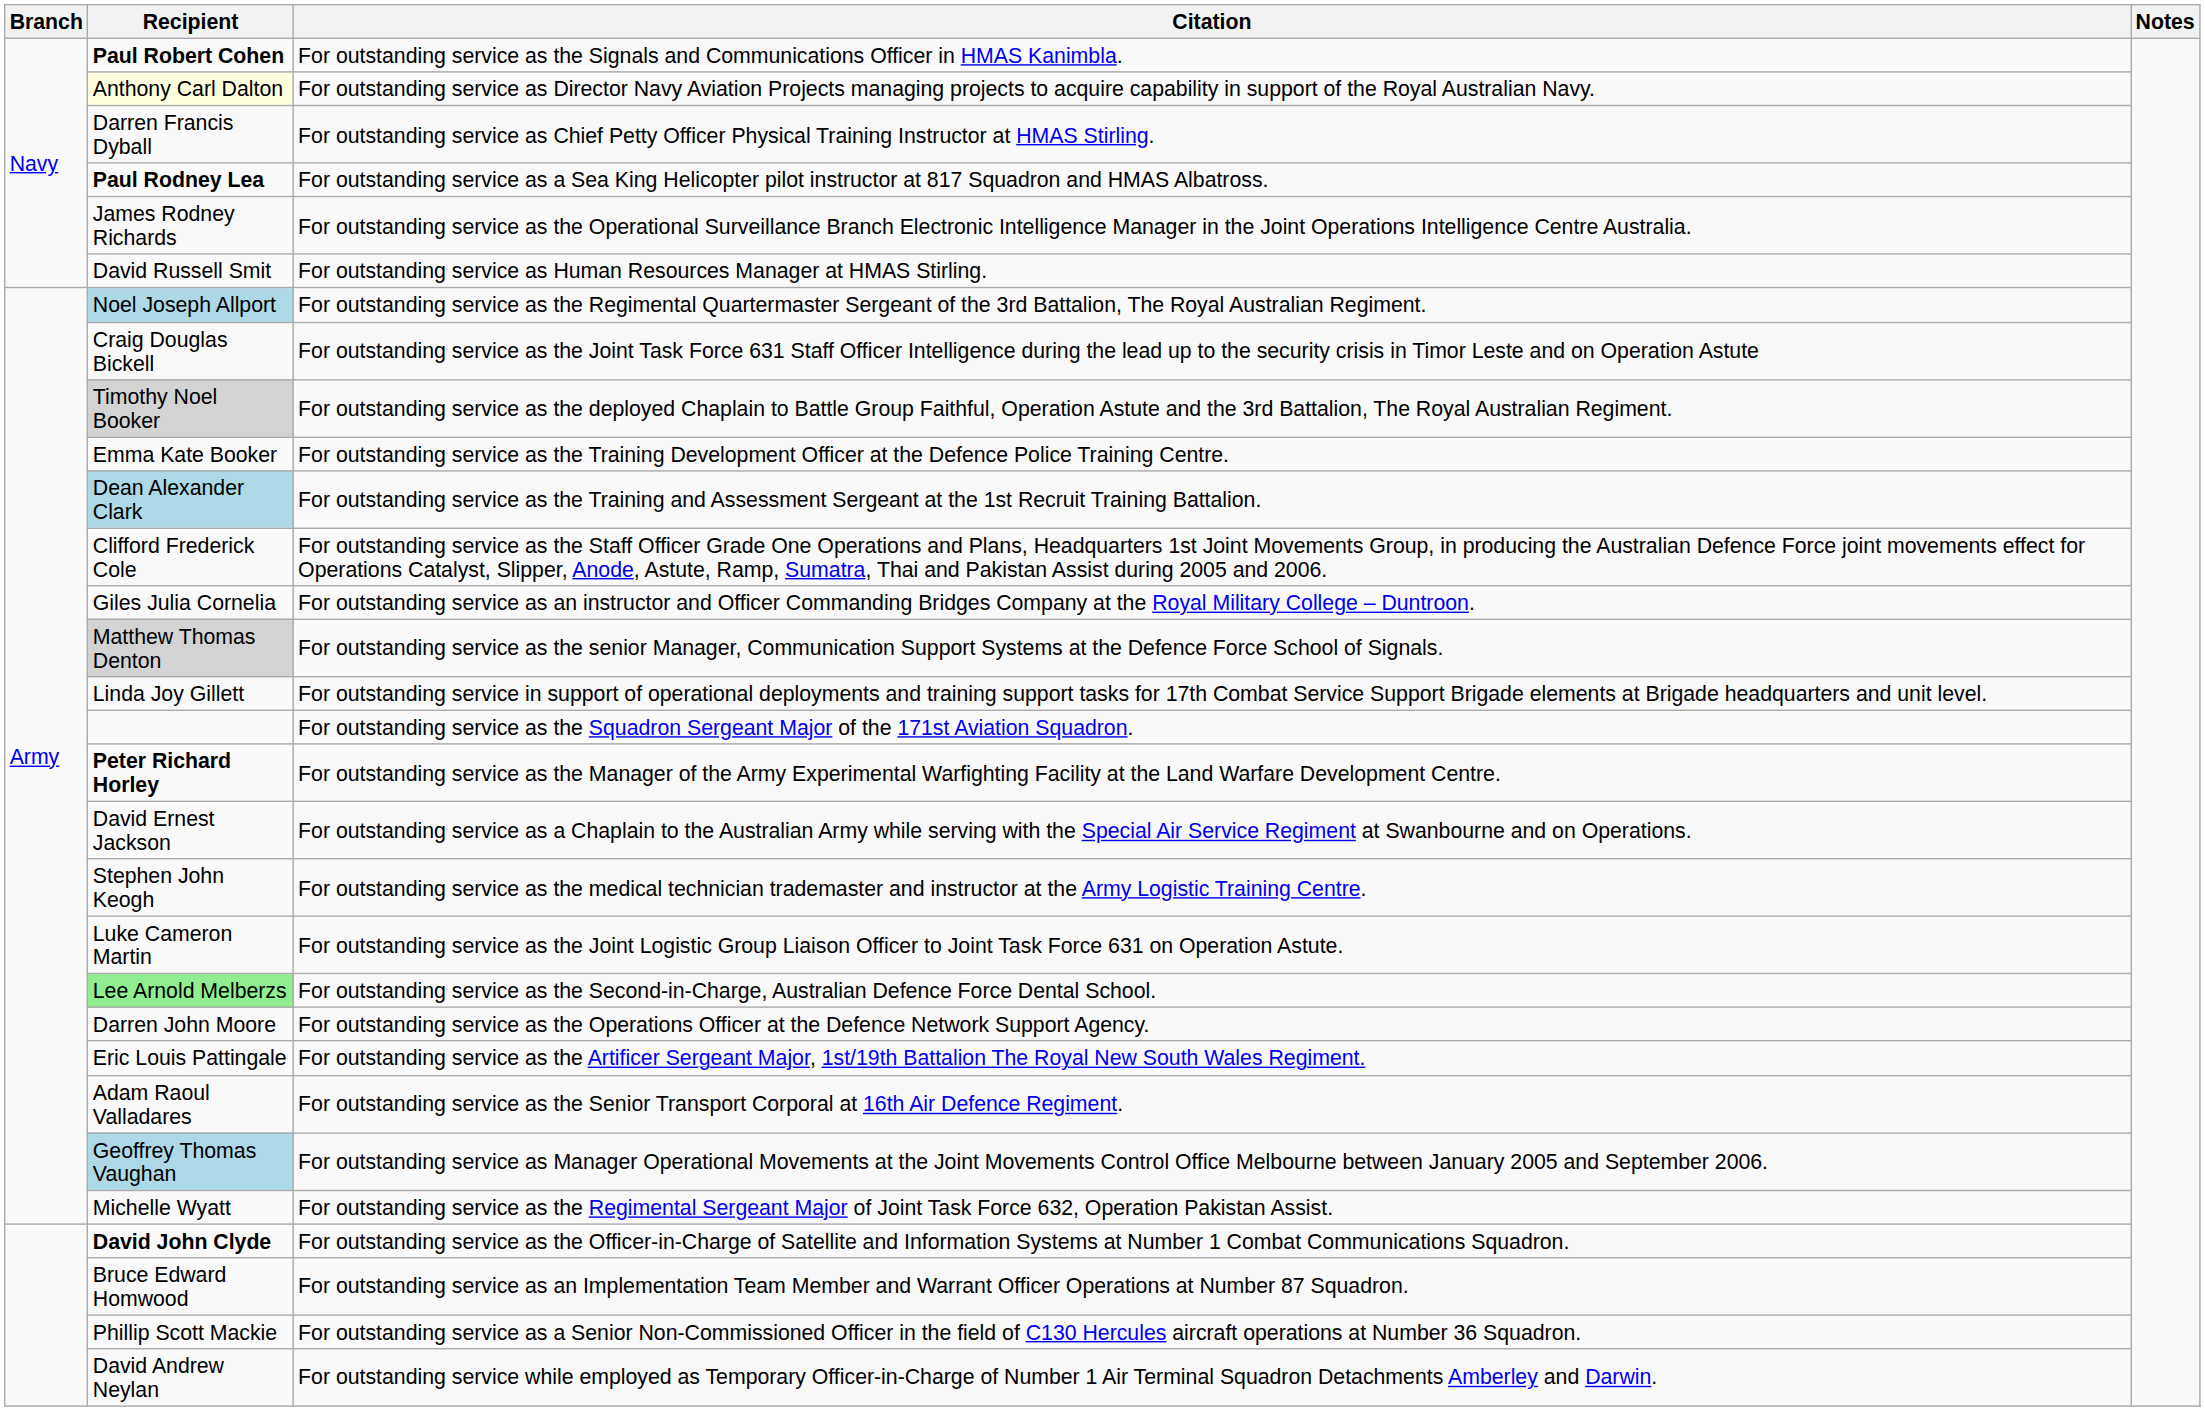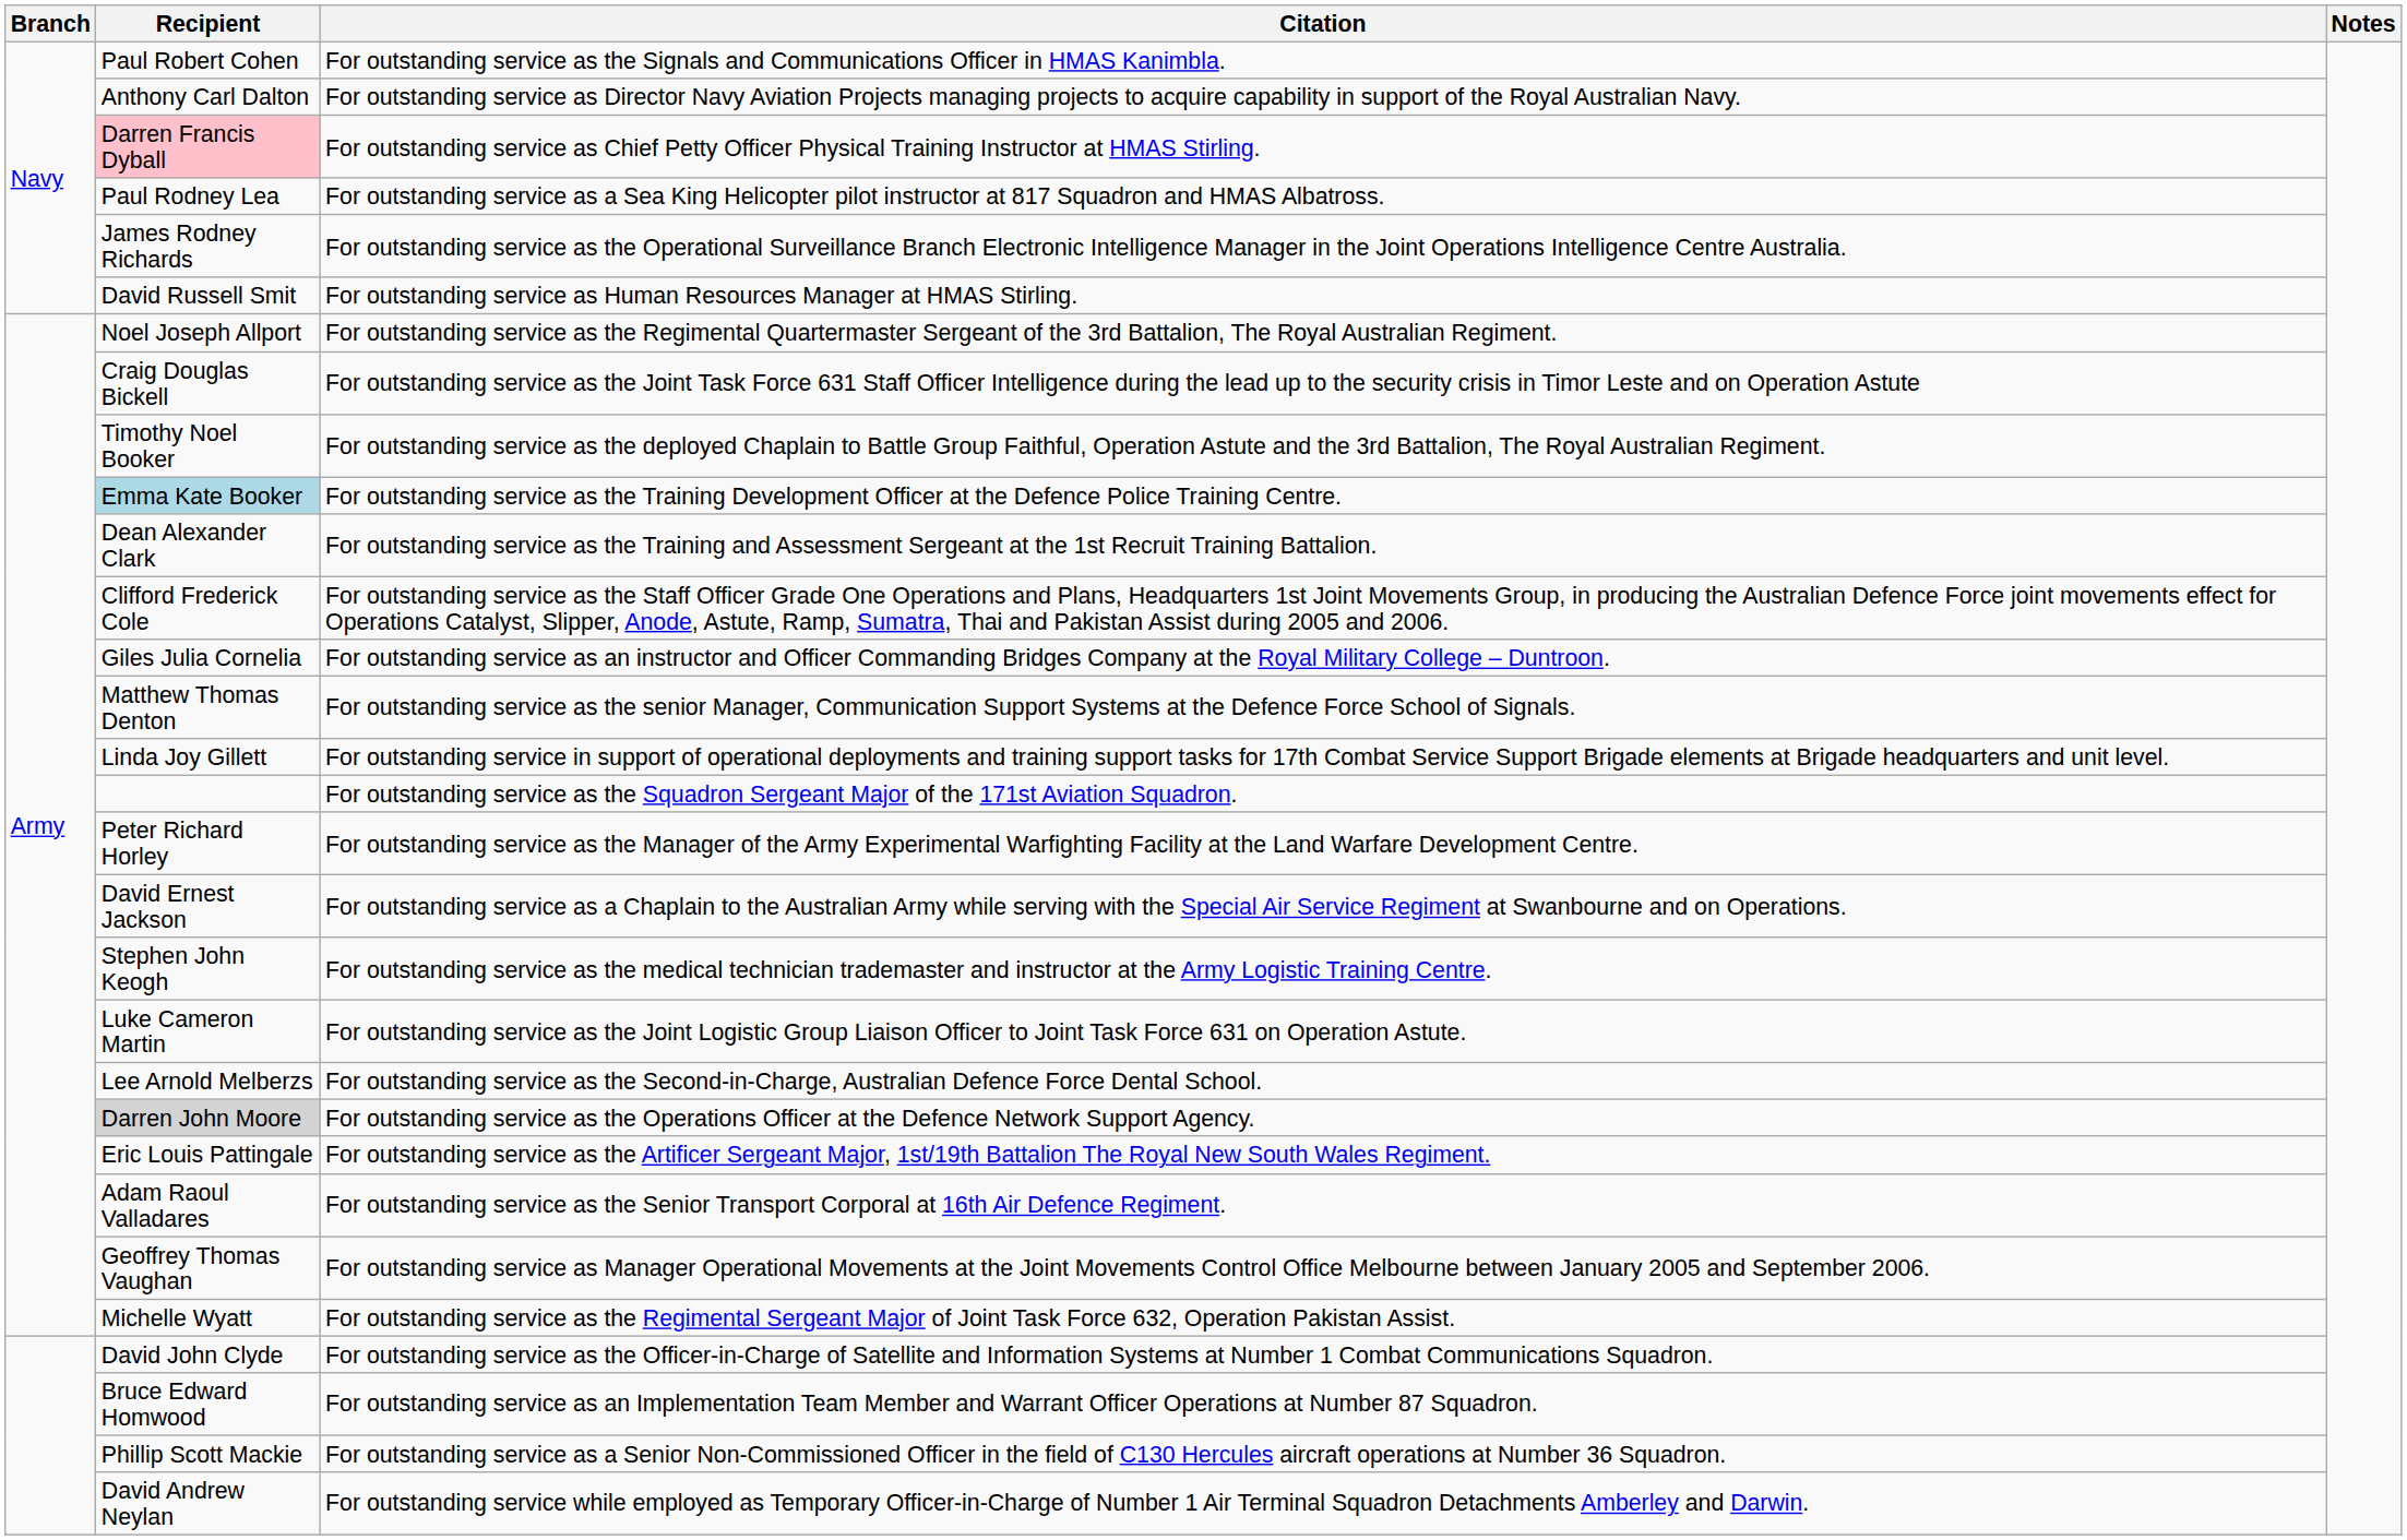 <table class="wikitable" style="font-size:95%;">
 <tr>
 <th>Branch</th>
 <th>Recipient</th>
 <th>Citation</th>
 <th>Notes</th>
 </tr>
 <tr>
 <td rowspan=6><a href='#'>Navy</a></td>
-<td><strong> Paul Robert Cohen</strong></td>
+<td> Paul Robert Cohen</td>
 <td>For outstanding service as the Signals and Communications Officer in <a href='#'>HMAS Kanimbla</a>.</td>
 <td rowspan=30></td>
 </tr>
 <tr>
-<td style="background: lightyellow;"> Anthony Carl Dalton</td>
+<td> Anthony Carl Dalton</td>
 <td>For outstanding service as Director Navy Aviation Projects managing projects to acquire capability in support of the Royal Australian Navy.</td>
 </tr>
 <tr>
-<td> Darren Francis Dyball</td>
+<td style="background: pink;"> Darren Francis Dyball</td>
 <td>For outstanding service as Chief Petty Officer Physical Training Instructor at <a href='#'>HMAS Stirling</a>.</td>
 </tr>
 <tr>
-<td><strong> Paul Rodney Lea</strong></td>
+<td> Paul Rodney Lea</td>
 <td>For outstanding service as a Sea King Helicopter pilot instructor at 817 Squadron and HMAS Albatross.</td>
 </tr>
 <tr>
 <td> James Rodney Richards</td>
 <td>For outstanding service as the Operational Surveillance Branch Electronic Intelligence Manager in the Joint Operations Intelligence Centre Australia.</td>
 </tr>
 <tr>
 <td> David Russell Smit</td>
 <td>For outstanding service as Human Resources Manager at HMAS Stirling.</td>
 </tr>
 <tr>
 <td rowspan=20><a href='#'>Army</a></td>
-<td style="background: lightblue;"> Noel Joseph Allport</td>
+<td> Noel Joseph Allport</td>
 <td>For outstanding service as the Regimental Quartermaster Sergeant of the 3rd Battalion, The Royal Australian Regiment.</td>
 </tr>
 <tr>
 <td> Craig Douglas Bickell</td>
 <td>For outstanding service as the Joint Task Force 631 Staff Officer Intelligence during the lead up to the security crisis in Timor Leste and on Operation Astute</td>
 </tr>
 <tr>
-<td style="background: lightgrey;"> Timothy Noel Booker</td>
+<td> Timothy Noel Booker</td>
 <td>For outstanding service as the deployed Chaplain to Battle Group Faithful, Operation Astute and the 3rd Battalion, The Royal Australian Regiment.</td>
 </tr>
 <tr>
-<td> Emma Kate Booker</td>
+<td style="background: lightblue;"> Emma Kate Booker</td>
 <td>For outstanding service as the Training Development Officer at the Defence Police Training Centre.</td>
 </tr>
 <tr>
-<td style="background: lightblue;"> Dean Alexander Clark</td>
+<td> Dean Alexander Clark</td>
 <td>For outstanding service as the Training and Assessment Sergeant at the 1st Recruit Training Battalion.</td>
 </tr>
 <tr>
 <td> Clifford Frederick Cole</td>
 <td>For outstanding service as the Staff Officer Grade One Operations and Plans, Headquarters 1st Joint Movements Group, in producing the Australian Defence Force joint movements effect for Operations Catalyst, Slipper, <a href='#'>Anode</a>, Astute, Ramp, <a href='#'>Sumatra</a>, Thai and Pakistan Assist during 2005 and 2006.</td>
 </tr>
 <tr>
 <td> Giles Julia Cornelia</td>
 <td>For outstanding service as an instructor and Officer Commanding Bridges Company at the <a href='#'>Royal Military College – Duntroon</a>.</td>
 </tr>
 <tr>
-<td style="background: lightgrey;"> Matthew Thomas Denton</td>
+<td> Matthew Thomas Denton</td>
 <td>For outstanding service as the senior Manager, Communication Support Systems at the Defence Force School of Signals.</td>
 </tr>
 <tr>
 <td> Linda Joy Gillett</td>
 <td>For outstanding service in support of operational deployments and training support tasks for 17th Combat Service Support Brigade elements at Brigade headquarters and unit level.</td>
 </tr>
 <tr>
 <td></td>
 <td>For outstanding service as the <a href='#'>Squadron Sergeant Major</a> of the <a href='#'>171st Aviation Squadron</a>.</td>
 </tr>
 <tr>
-<td><strong> Peter Richard Horley</strong></td>
+<td> Peter Richard Horley</td>
 <td>For outstanding service as the Manager of the Army Experimental Warfighting Facility at the Land Warfare Development Centre.</td>
 </tr>
 <tr>
 <td> David Ernest Jackson</td>
 <td>For outstanding service as a Chaplain to the Australian Army while serving with the <a href='#'>Special Air Service Regiment</a> at Swanbourne and on Operations.</td>
 </tr>
 <tr>
 <td> Stephen John Keogh</td>
 <td>For outstanding service as the medical technician trademaster and instructor at the <a href='#'>Army Logistic Training Centre</a>.</td>
 </tr>
 <tr>
 <td> Luke Cameron Martin</td>
 <td>For outstanding service as the Joint Logistic Group Liaison Officer to Joint Task Force 631 on Operation Astute.</td>
 </tr>
 <tr>
-<td style="background: lightgreen;"> Lee Arnold Melberzs</td>
+<td> Lee Arnold Melberzs</td>
 <td>For outstanding service as the Second-in-Charge, Australian Defence Force Dental School.</td>
 </tr>
 <tr>
-<td> Darren John Moore</td>
+<td style="background: lightgrey;"> Darren John Moore</td>
 <td>For outstanding service as the Operations Officer at the Defence Network Support Agency.</td>
 </tr>
 <tr>
 <td> Eric Louis Pattingale</td>
 <td>For outstanding service as the <a href='#'>Artificer Sergeant Major</a>, <a href='#'>1st/19th Battalion The Royal New South Wales Regiment.</a></td>
 </tr>
 <tr>
 <td> Adam Raoul Valladares</td>
 <td>For outstanding service as the Senior Transport Corporal at <a href='#'>16th Air Defence Regiment</a>.</td>
 </tr>
 <tr>
-<td style="background: lightblue;"> Geoffrey Thomas Vaughan</td>
+<td> Geoffrey Thomas Vaughan</td>
 <td>For outstanding service as Manager Operational Movements at the Joint Movements Control Office Melbourne between January 2005 and September 2006.</td>
 </tr>
 <tr>
 <td> Michelle Wyatt</td>
 <td>For outstanding service as the <a href='#'>Regimental Sergeant Major</a> of Joint Task Force 632, Operation Pakistan Assist.</td>
 </tr>
 <tr>
 <td rowspan=4></td>
-<td><strong> David John Clyde</strong></td>
+<td> David John Clyde</td>
 <td>For outstanding service as the Officer-in-Charge of Satellite and Information Systems at Number 1 Combat Communications Squadron.</td>
 </tr>
 <tr>
 <td> Bruce Edward Homwood</td>
 <td>For outstanding service as an Implementation Team Member and Warrant Officer Operations at Number 87 Squadron.</td>
 </tr>
 <tr>
 <td> Phillip Scott Mackie</td>
 <td>For outstanding service as a Senior Non-Commissioned Officer in the field of <a href='#'>C130 Hercules</a> aircraft operations at Number 36 Squadron.</td>
 </tr>
 <tr>
 <td> David Andrew Neylan</td>
 <td>For outstanding service while employed as Temporary Officer-in-Charge of Number 1 Air Terminal Squadron Detachments <a href='#'>Amberley</a> and <a href='#'>Darwin</a>.</td>
 </tr>
 </table>
